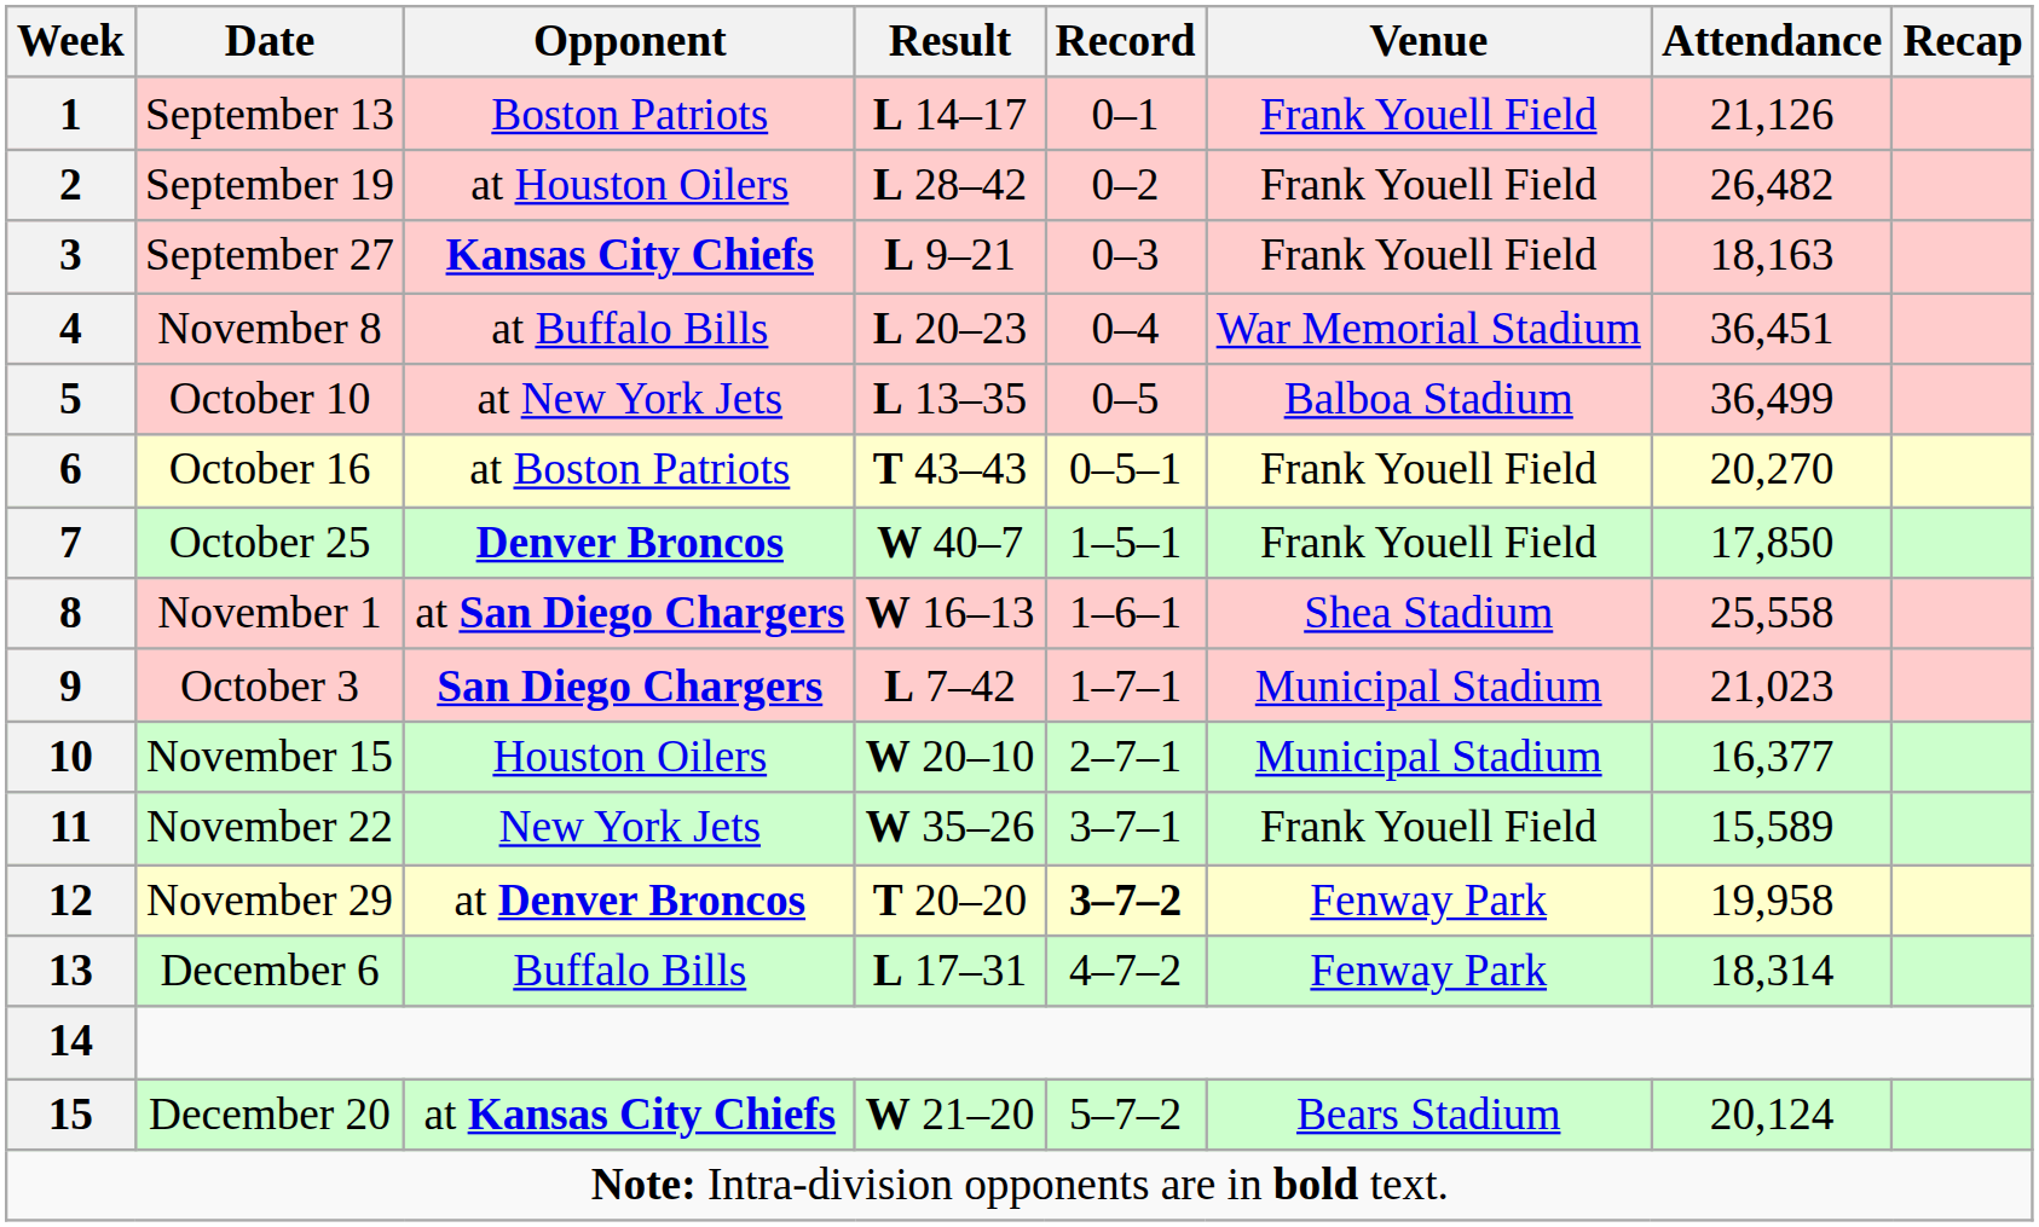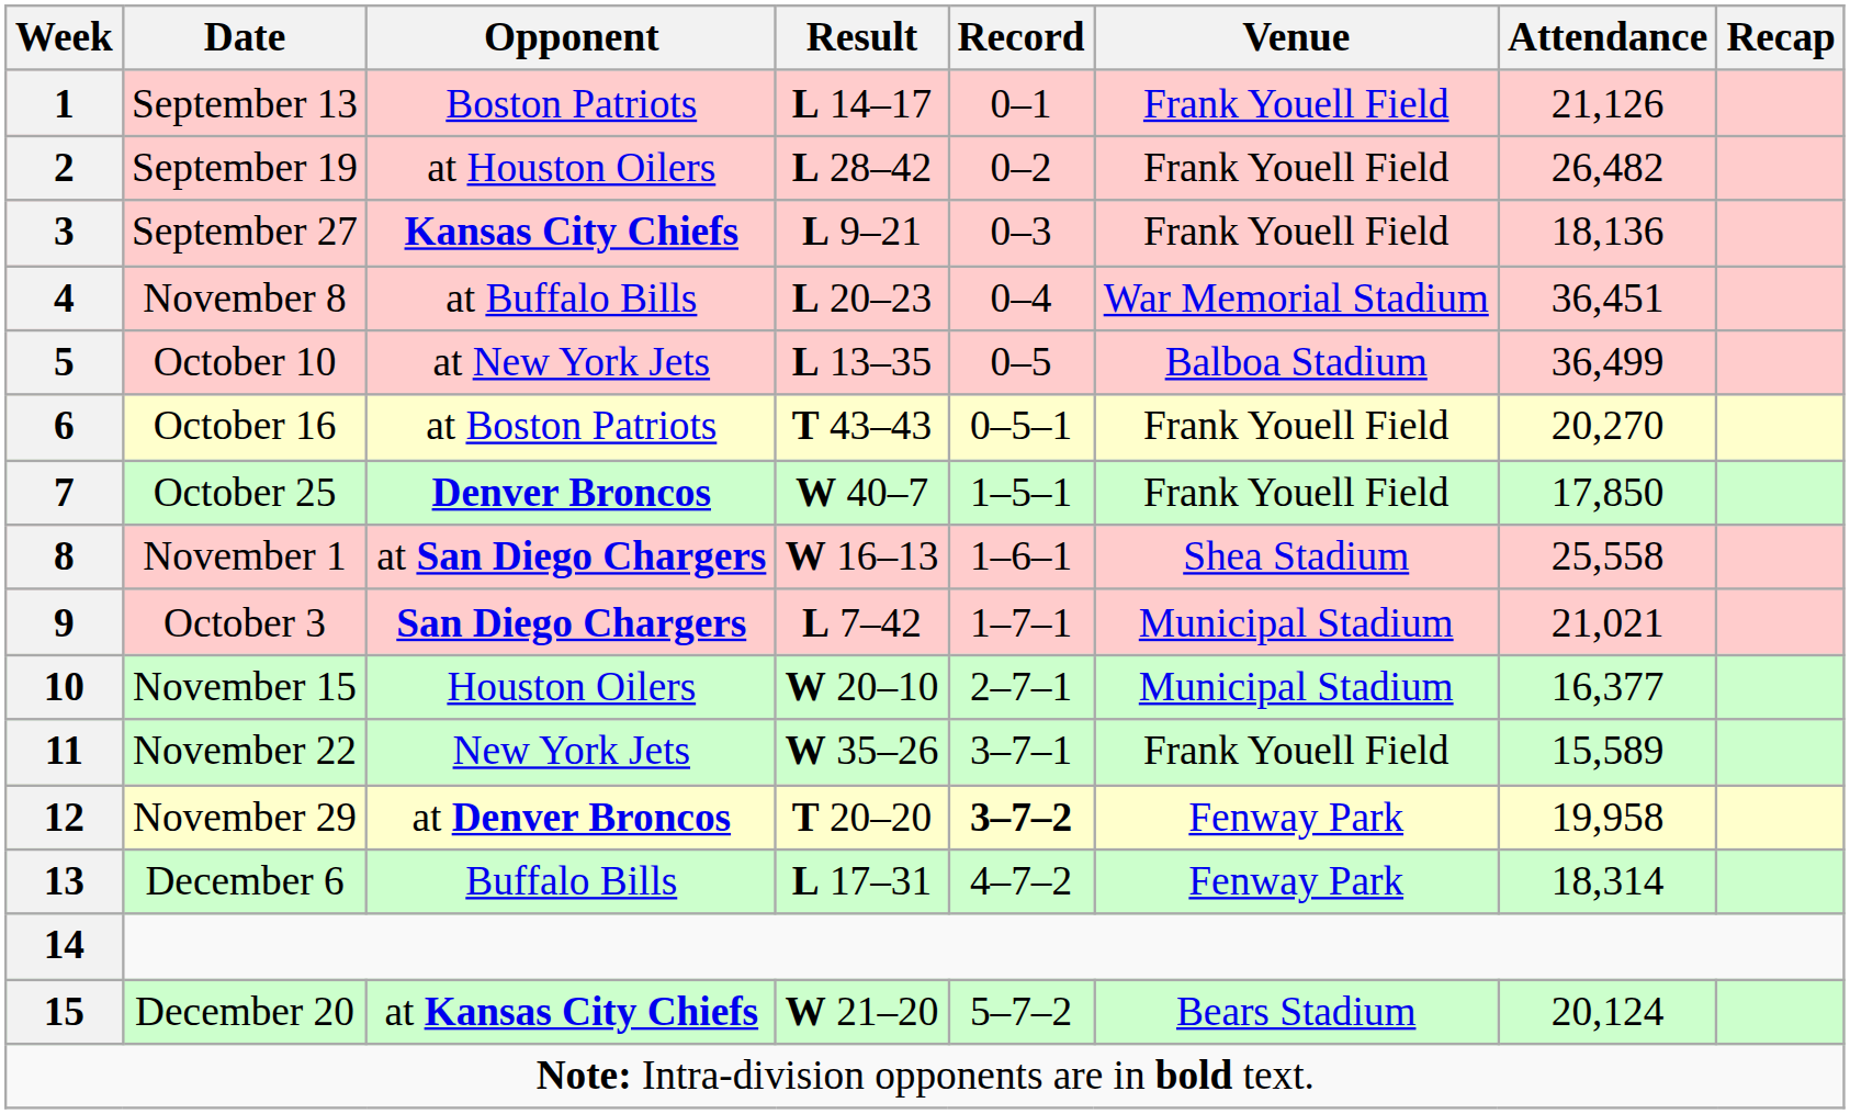 <table class="wikitable" style="text-align:center">
 <tr>
 <th>Week</th>
 <th>Date</th>
 <th>Opponent</th>
 <th>Result</th>
 <th>Record</th>
 <th>Venue</th>
 <th>Attendance</th>
 <th>Recap</th>
 </tr>
 <tr style="background:#fcc">
 <th>1</th>
 <td>September 13</td>
 <td><a href='#'>Boston Patriots</a></td>
 <td><strong>L</strong> 14–17</td>
 <td>0–1</td>
 <td><a href='#'>Frank Youell Field</a></td>
 <td>21,126</td>
 <td></td>
 </tr>
 <tr style="background:#fcc">
 <th>2</th>
 <td>September 19</td>
 <td>at <a href='#'>Houston Oilers</a></td>
 <td><strong>L</strong> 28–42</td>
 <td>0–2</td>
 <td>Frank Youell Field</td>
 <td>26,482</td>
 <td></td>
 </tr>
 <tr style="background:#fcc">
 <th>3</th>
 <td>September 27</td>
 <td><strong><a href='#'>Kansas City Chiefs</a></strong></td>
 <td><strong>L</strong> 9–21</td>
 <td>0–3</td>
 <td>Frank Youell Field</td>
-<td>18,163</td>
+<td>18,136</td>
 <td></td>
 </tr>
 <tr style="background:#fcc">
 <th>4</th>
 <td>November 8</td>
 <td>at <a href='#'>Buffalo Bills</a></td>
 <td><strong>L</strong> 20–23</td>
 <td>0–4</td>
 <td><a href='#'>War Memorial Stadium</a></td>
 <td>36,451</td>
 <td></td>
 </tr>
 <tr style="background:#fcc">
 <th>5</th>
 <td>October 10</td>
 <td>at <a href='#'>New York Jets</a></td>
 <td><strong>L</strong> 13–35</td>
 <td>0–5</td>
 <td><a href='#'>Balboa Stadium</a></td>
 <td>36,499</td>
 <td></td>
 </tr>
 <tr style="background:#ffc">
 <th>6</th>
 <td>October 16</td>
 <td>at <a href='#'>Boston Patriots</a></td>
 <td><strong>T</strong> 43–43</td>
 <td>0–5–1</td>
 <td>Frank Youell Field</td>
 <td>20,270</td>
 <td></td>
 </tr>
 <tr style="background:#cfc">
 <th>7</th>
 <td>October 25</td>
 <td><strong><a href='#'>Denver Broncos</a></strong></td>
 <td><strong>W</strong> 40–7</td>
 <td>1–5–1</td>
 <td>Frank Youell Field</td>
 <td>17,850</td>
 <td></td>
 </tr>
 <tr style="background:#fcc">
 <th>8</th>
 <td>November 1</td>
 <td>at <strong><a href='#'>San Diego Chargers</a></strong></td>
 <td><strong>W</strong> 16–13</td>
 <td>1–6–1</td>
 <td><a href='#'>Shea Stadium</a></td>
 <td>25,558</td>
 <td></td>
 </tr>
 <tr style="background:#fcc">
 <th>9</th>
 <td>October 3</td>
 <td><strong><a href='#'>San Diego Chargers</a></strong></td>
 <td><strong>L</strong> 7–42</td>
 <td>1–7–1</td>
 <td><a href='#'>Municipal Stadium</a></td>
-<td>21,023</td>
+<td>21,021</td>
 <td></td>
 </tr>
 <tr style="background:#cfc">
 <th>10</th>
 <td>November 15</td>
 <td><a href='#'>Houston Oilers</a></td>
 <td><strong>W</strong> 20–10</td>
 <td>2–7–1</td>
 <td><a href='#'>Municipal Stadium</a></td>
 <td>16,377</td>
 <td></td>
 </tr>
 <tr style="background:#cfc">
 <th>11</th>
 <td>November 22</td>
 <td><a href='#'>New York Jets</a></td>
 <td><strong>W</strong> 35–26</td>
 <td>3–7–1</td>
 <td>Frank Youell Field</td>
 <td>15,589</td>
 <td></td>
 </tr>
 <tr style="background:#ffc">
 <th>12</th>
 <td>November 29</td>
 <td>at <strong><a href='#'>Denver Broncos</a></strong></td>
 <td><strong>T</strong> 20–20</td>
 <td><strong>3–7–2</strong></td>
 <td><a href='#'>Fenway Park</a></td>
 <td>19,958</td>
 <td></td>
 </tr>
 <tr style="background:#cfc">
 <th>13</th>
 <td>December 6</td>
 <td><a href='#'>Buffalo Bills</a></td>
 <td><strong>L</strong> 17–31</td>
 <td>4–7–2</td>
 <td><a href='#'>Fenway Park</a></td>
 <td>18,314</td>
 <td></td>
 </tr>
 <tr>
 <th>14</th>
 <td colSpan="7"></td>
 </tr>
 <tr style="background:#cfc">
 <th>15</th>
 <td>December 20</td>
 <td>at <strong><a href='#'>Kansas City Chiefs</a></strong></td>
 <td><strong>W</strong> 21–20</td>
 <td>5–7–2</td>
 <td><a href='#'>Bears Stadium</a></td>
 <td>20,124</td>
 <td></td>
 </tr>
 <tr>
 <td colspan="8"><strong>Note:</strong> Intra-division opponents are in <strong>bold</strong> text.</td>
 </tr>
 </table>
